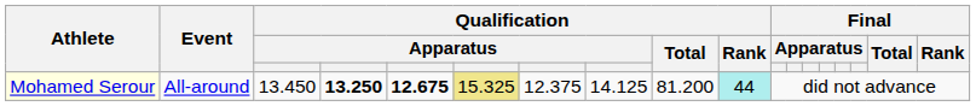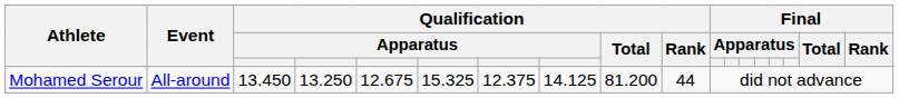 <table class="wikitable" style="font-size:90%">
 <tr>
 <th rowspan=3>Athlete</th>
 <th rowspan=3>Event</th>
 <th colspan =8>Qualification</th>
 <th colspan =8>Final</th>
 </tr>
 <tr style="font-size:95%">
 <th colspan=6>Apparatus</th>
 <th rowspan=2>Total</th>
 <th rowspan=2>Rank</th>
 <th colspan=6>Apparatus</th>
 <th rowspan=2>Total</th>
 <th rowspan=2>Rank</th>
 </tr>
 <tr style="font-size:95%">
 <th></th>
 <th></th>
 <th></th>
 <th></th>
 <th></th>
 <th></th>
 <th></th>
 <th></th>
 <th></th>
 <th></th>
 <th></th>
 <th></th>
 </tr>
 <tr align=center>
-<td align=left style="background: lightyellow;"><a href='#'>Mohamed Serour</a></td>
+<td align=left><a href='#'>Mohamed Serour</a></td>
 <td align=left><a href='#'>All-around</a></td>
 <td>13.450</td>
-<td><strong>13.250</strong></td>
-<td><strong>12.675</strong></td>
-<td style="background: khaki;">15.325</td>
+<td>13.250</td>
+<td>12.675</td>
+<td>15.325</td>
 <td>12.375</td>
 <td>14.125</td>
 <td>81.200</td>
-<td style="background: paleturquoise;">44</td>
+<td>44</td>
 <td colspan=8>did not advance</td>
 </tr>
 </table>
